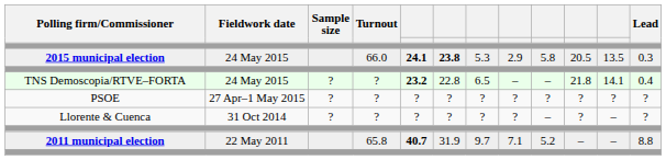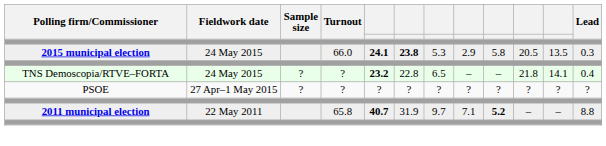 <table class="wikitable collapsible collapsed" style="text-align:center; font-size:95%; line-height:16px;">
 <tr style="height:42px;">
 <th style="width:250px;" rowspan="2">Polling firm/Commissioner</th>
 <th style="width:125px;" rowspan="2">Fieldwork date</th>
 <th style="width:50px;" rowspan="2">Sample size</th>
 <th style="width:45px;" rowspan="2">Turnout</th>
 <th style="width:35px;"></th>
 <th style="width:35px;"></th>
 <th style="width:35px;"></th>
 <th style="width:35px;"></th>
 <th style="width:35px;"></th>
 <th style="width:35px;"></th>
 <th style="width:35px;"></th>
 <th style="width:30px;" rowspan="2">Lead</th>
 </tr>
 <tr>
 <th style="color:inherit;background:"></th>
 <th style="color:inherit;background:"></th>
 <th style="color:inherit;background:"></th>
 <th style="color:inherit;background:"></th>
 <th style="color:inherit;background:"></th>
 <th style="color:inherit;background:"></th>
 <th style="color:inherit;background:"></th>
 </tr>
 <tr>
 <td colspan="12" style="background:#A0A0A0"></td>
 </tr>
 <tr style="background:#EFEFEF;">
 <td><strong><a href='#'>2015 municipal election</a></strong></td>
 <td>24 May 2015</td>
 <td></td>
 <td>66.0</td>
 <td><strong>24.1</strong><br></td>
 <td><strong>23.8<br></strong></td>
 <td>5.3<br></td>
 <td>2.9<br></td>
 <td>5.8<br></td>
 <td>20.5<br></td>
 <td>13.5<br></td>
 <td style="background:">0.3</td>
 </tr>
 <tr>
 <td colspan="12" style="background:#A0A0A0"></td>
 </tr>
 <tr style="background:#EAFFEA;">
 <td>TNS Demoscopia/RTVE–FORTA</td>
 <td>24 May 2015</td>
 <td>?</td>
 <td>?</td>
 <td><strong>23.2</strong><br></td>
 <td>22.8<br></td>
 <td>6.5<br></td>
 <td>–</td>
 <td>–</td>
 <td>21.8<br></td>
 <td>14.1<br></td>
 <td style="background:">0.4</td>
 </tr>
 <tr>
 <td>PSOE</td>
 <td>27 Apr–1 May 2015</td>
 <td>?</td>
 <td>?</td>
 <td>?<br></td>
 <td>?<br></td>
 <td>?<br></td>
 <td>?<br></td>
 <td>?<br></td>
 <td>?<br></td>
 <td>?<br></td>
 <td style="background:">?</td>
 </tr>
 <tr>
-<td>Llorente & Cuenca</td>
-<td>31 Oct 2014</td>
-<td>?</td>
-<td>?</td>
-<td>?<br></td>
-<td>?<br></td>
-<td>?<br></td>
-<td>?<br></td>
-<td>–</td>
-<td>?<br></td>
-<td>–</td>
-<td style="background:">?</td>
-</tr>
-<tr>
 <td colspan="12" style="background:#A0A0A0"></td>
 </tr>
 <tr style="background:#EFEFEF;">
 <td><strong><a href='#'>2011 municipal election</a></strong></td>
 <td>22 May 2011</td>
 <td></td>
 <td>65.8</td>
 <td><strong>40.7</strong><br></td>
 <td>31.9<br></td>
 <td>9.7<br></td>
 <td>7.1<br></td>
-<td>5.2<br></td>
+<td><strong>5.2<br></strong></td>
 <td>–</td>
 <td>–</td>
 <td style="background:">8.8</td>
 </tr>
 <tr>
 <td colspan="12" style="background:#A0A0A0"></td>
 </tr>
 </table>
